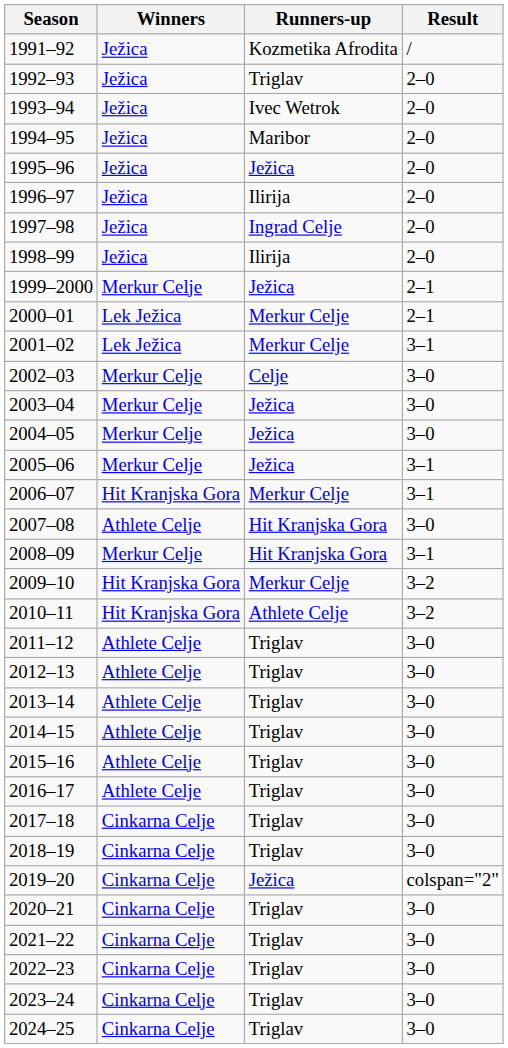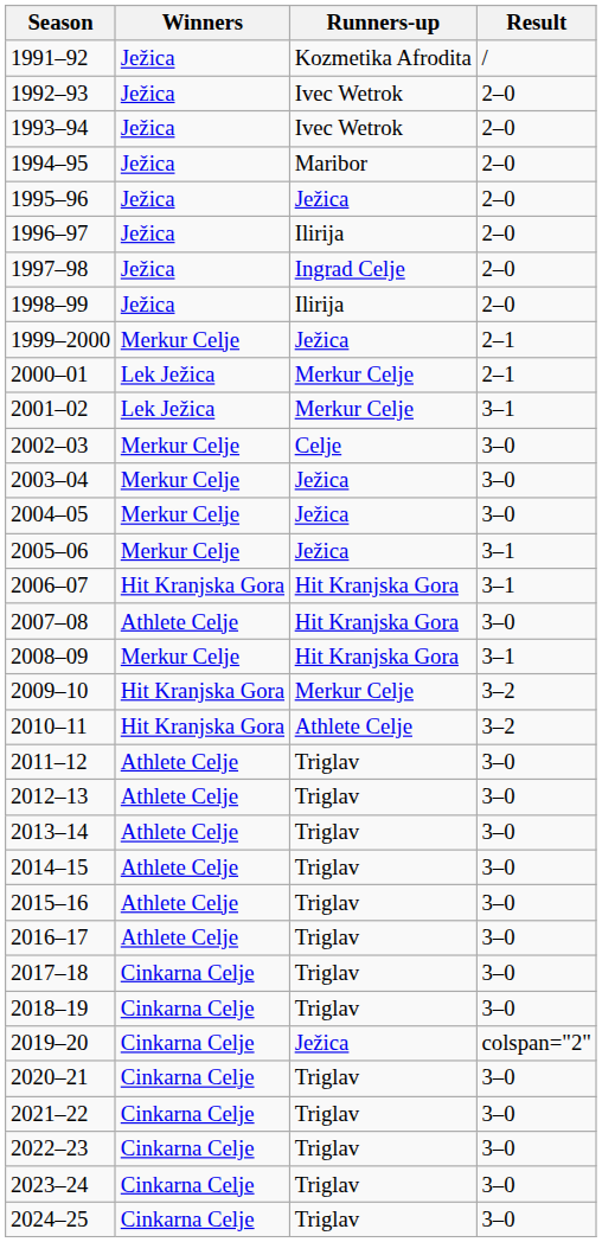 <table class="wikitable">
 <tr>
 <th>Season</th>
 <th>Winners</th>
 <th>Runners-up</th>
 <th>Result</th>
 </tr>
 <tr>
 <td>1991–92</td>
 <td><a href='#'>Ježica</a></td>
 <td>Kozmetika Afrodita</td>
 <td>/</td>
 </tr>
 <tr>
 <td>1992–93</td>
 <td><a href='#'>Ježica</a></td>
-<td>Triglav</td>
+<td>Ivec Wetrok</td>
 <td>2–0</td>
 </tr>
 <tr>
 <td>1993–94</td>
 <td><a href='#'>Ježica</a></td>
 <td>Ivec Wetrok</td>
 <td>2–0</td>
 </tr>
 <tr>
 <td>1994–95</td>
 <td><a href='#'>Ježica</a></td>
 <td>Maribor</td>
 <td>2–0</td>
 </tr>
 <tr>
 <td>1995–96</td>
 <td><a href='#'>Ježica</a></td>
 <td><a href='#'>Ježica</a></td>
 <td>2–0</td>
 </tr>
 <tr>
 <td>1996–97</td>
 <td><a href='#'>Ježica</a></td>
 <td>Ilirija</td>
 <td>2–0</td>
 </tr>
 <tr>
 <td>1997–98</td>
 <td><a href='#'>Ježica</a></td>
 <td><a href='#'>Ingrad Celje</a></td>
 <td>2–0</td>
 </tr>
 <tr>
 <td>1998–99</td>
 <td><a href='#'>Ježica</a></td>
 <td>Ilirija</td>
 <td>2–0</td>
 </tr>
 <tr>
 <td>1999–2000</td>
 <td><a href='#'>Merkur Celje</a></td>
 <td><a href='#'>Ježica</a></td>
 <td>2–1</td>
 </tr>
 <tr>
 <td>2000–01</td>
 <td><a href='#'>Lek Ježica</a></td>
 <td><a href='#'>Merkur Celje</a></td>
 <td>2–1</td>
 </tr>
 <tr>
 <td>2001–02</td>
 <td><a href='#'>Lek Ježica</a></td>
 <td><a href='#'>Merkur Celje</a></td>
 <td>3–1</td>
 </tr>
 <tr>
 <td>2002–03</td>
 <td><a href='#'>Merkur Celje</a></td>
 <td><a href='#'>Celje</a></td>
 <td>3–0</td>
 </tr>
 <tr>
 <td>2003–04</td>
 <td><a href='#'>Merkur Celje</a></td>
 <td><a href='#'>Ježica</a></td>
 <td>3–0</td>
 </tr>
 <tr>
 <td>2004–05</td>
 <td><a href='#'>Merkur Celje</a></td>
 <td><a href='#'>Ježica</a></td>
 <td>3–0</td>
 </tr>
 <tr>
 <td>2005–06</td>
 <td><a href='#'>Merkur Celje</a></td>
 <td><a href='#'>Ježica</a></td>
 <td>3–1</td>
 </tr>
 <tr>
 <td>2006–07</td>
 <td><a href='#'>Hit Kranjska Gora</a></td>
-<td><a href='#'>Merkur Celje</a></td>
+<td><a href='#'>Hit Kranjska Gora</a></td>
 <td>3–1</td>
 </tr>
 <tr>
 <td>2007–08</td>
 <td><a href='#'>Athlete Celje</a></td>
 <td><a href='#'>Hit Kranjska Gora</a></td>
 <td>3–0</td>
 </tr>
 <tr>
 <td>2008–09</td>
 <td><a href='#'>Merkur Celje</a></td>
 <td><a href='#'>Hit Kranjska Gora</a></td>
 <td>3–1</td>
 </tr>
 <tr>
 <td>2009–10</td>
 <td><a href='#'>Hit Kranjska Gora</a></td>
 <td><a href='#'>Merkur Celje</a></td>
 <td>3–2</td>
 </tr>
 <tr>
 <td>2010–11</td>
 <td><a href='#'>Hit Kranjska Gora</a></td>
 <td><a href='#'>Athlete Celje</a></td>
 <td>3–2</td>
 </tr>
 <tr>
 <td>2011–12</td>
 <td><a href='#'>Athlete Celje</a></td>
 <td>Triglav</td>
 <td>3–0</td>
 </tr>
 <tr>
 <td>2012–13</td>
 <td><a href='#'>Athlete Celje</a></td>
 <td>Triglav</td>
 <td>3–0</td>
 </tr>
 <tr>
 <td>2013–14</td>
 <td><a href='#'>Athlete Celje</a></td>
 <td>Triglav</td>
 <td>3–0</td>
 </tr>
 <tr>
 <td>2014–15</td>
 <td><a href='#'>Athlete Celje</a></td>
 <td>Triglav</td>
 <td>3–0</td>
 </tr>
 <tr>
 <td>2015–16</td>
 <td><a href='#'>Athlete Celje</a></td>
 <td>Triglav</td>
 <td>3–0</td>
 </tr>
 <tr>
 <td>2016–17</td>
 <td><a href='#'>Athlete Celje</a></td>
 <td>Triglav</td>
 <td>3–0</td>
 </tr>
 <tr>
 <td>2017–18</td>
 <td><a href='#'>Cinkarna Celje</a></td>
 <td>Triglav</td>
 <td>3–0</td>
 </tr>
 <tr>
 <td>2018–19</td>
 <td><a href='#'>Cinkarna Celje</a></td>
 <td>Triglav</td>
 <td>3–0</td>
 </tr>
 <tr>
 <td>2019–20</td>
 <td><a href='#'>Cinkarna Celje</a></td>
 <td><a href='#'>Ježica</a></td>
 <td>colspan="2" </td>
 </tr>
 <tr>
 <td>2020–21</td>
 <td><a href='#'>Cinkarna Celje</a></td>
 <td>Triglav</td>
 <td>3–0</td>
 </tr>
 <tr>
 <td>2021–22</td>
 <td><a href='#'>Cinkarna Celje</a></td>
 <td>Triglav</td>
 <td>3–0</td>
 </tr>
 <tr>
 <td>2022–23</td>
 <td><a href='#'>Cinkarna Celje</a></td>
 <td>Triglav</td>
 <td>3–0</td>
 </tr>
 <tr>
 <td>2023–24</td>
 <td><a href='#'>Cinkarna Celje</a></td>
 <td>Triglav</td>
 <td>3–0</td>
 </tr>
 <tr>
 <td>2024–25</td>
 <td><a href='#'>Cinkarna Celje</a></td>
 <td>Triglav</td>
 <td>3–0</td>
 </tr>
 </table>
